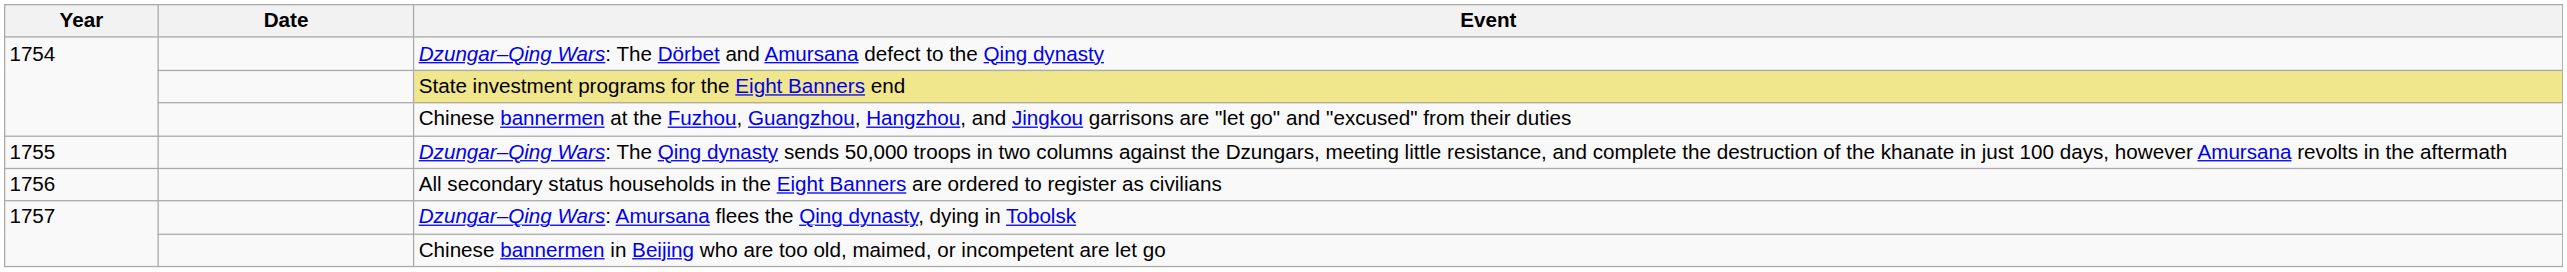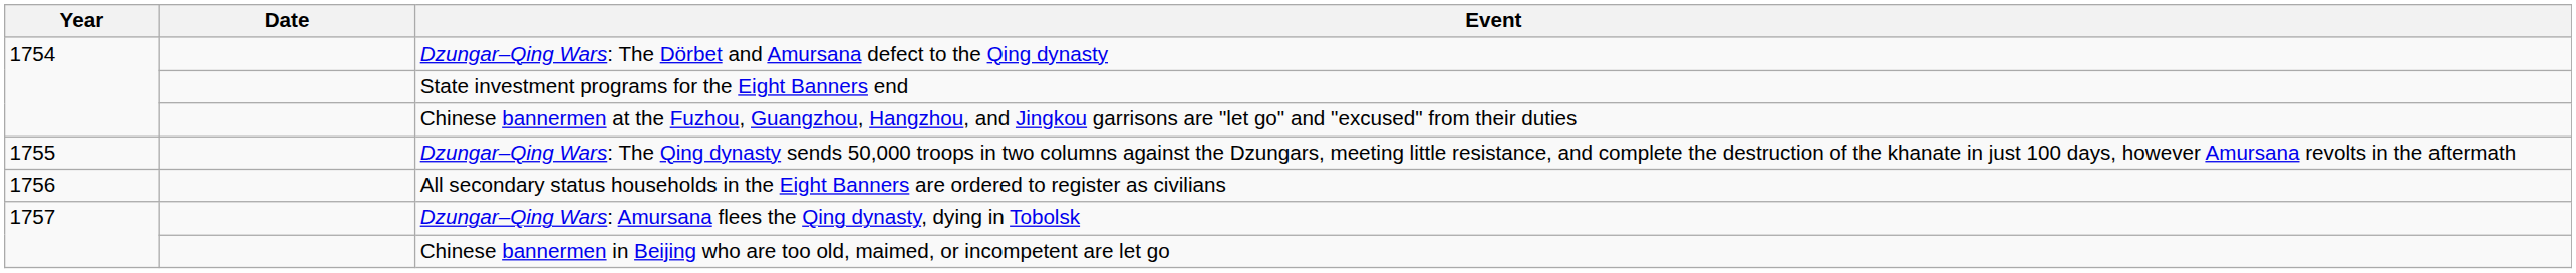 <table class="wikitable" style="width:100%;">
 <tr>
 <th style="width:6%">Year</th>
 <th style="width:10%">Date</th>
 <th>Event</th>
 </tr>
 <tr>
 <td rowspan="3" style="vertical-align:top;">1754</td>
 <td></td>
 <td><em><a href='#'>Dzungar–Qing Wars</a></em>: The <a href='#'>Dörbet</a> and <a href='#'>Amursana</a> defect to the <a href='#'>Qing dynasty</a></td>
 </tr>
 <tr>
 <td></td>
-<td style="background: khaki;">State investment programs for the <a href='#'>Eight Banners</a> end</td>
+<td>State investment programs for the <a href='#'>Eight Banners</a> end</td>
 </tr>
 <tr>
 <td></td>
 <td>Chinese <a href='#'>bannermen</a> at the <a href='#'>Fuzhou</a>, <a href='#'>Guangzhou</a>, <a href='#'>Hangzhou</a>, and <a href='#'>Jingkou</a> garrisons are "let go" and "excused" from their duties</td>
 </tr>
 <tr>
 <td>1755</td>
 <td></td>
 <td><em><a href='#'>Dzungar–Qing Wars</a></em>: The <a href='#'>Qing dynasty</a> sends 50,000 troops in two columns against the Dzungars, meeting little resistance, and complete the destruction of the khanate in just 100 days, however <a href='#'>Amursana</a> revolts in the aftermath</td>
 </tr>
 <tr>
 <td>1756</td>
 <td></td>
 <td>All secondary status households in the <a href='#'>Eight Banners</a> are ordered to register as civilians</td>
 </tr>
 <tr>
 <td rowspan="2" valign="top">1757</td>
 <td></td>
 <td><em><a href='#'>Dzungar–Qing Wars</a></em>: <a href='#'>Amursana</a> flees the <a href='#'>Qing dynasty</a>, dying in <a href='#'>Tobolsk</a></td>
 </tr>
 <tr>
 <td></td>
 <td>Chinese <a href='#'>bannermen</a> in <a href='#'>Beijing</a> who are too old, maimed, or incompetent are let go</td>
 </tr>
 </table>
